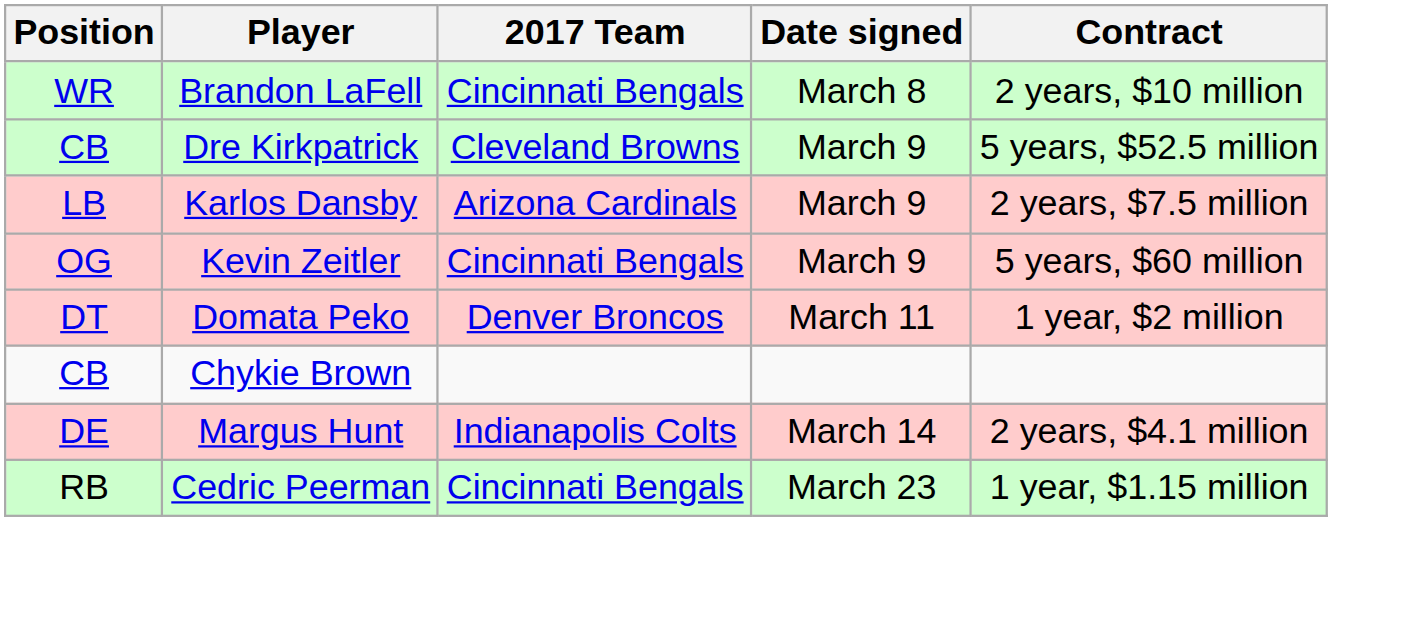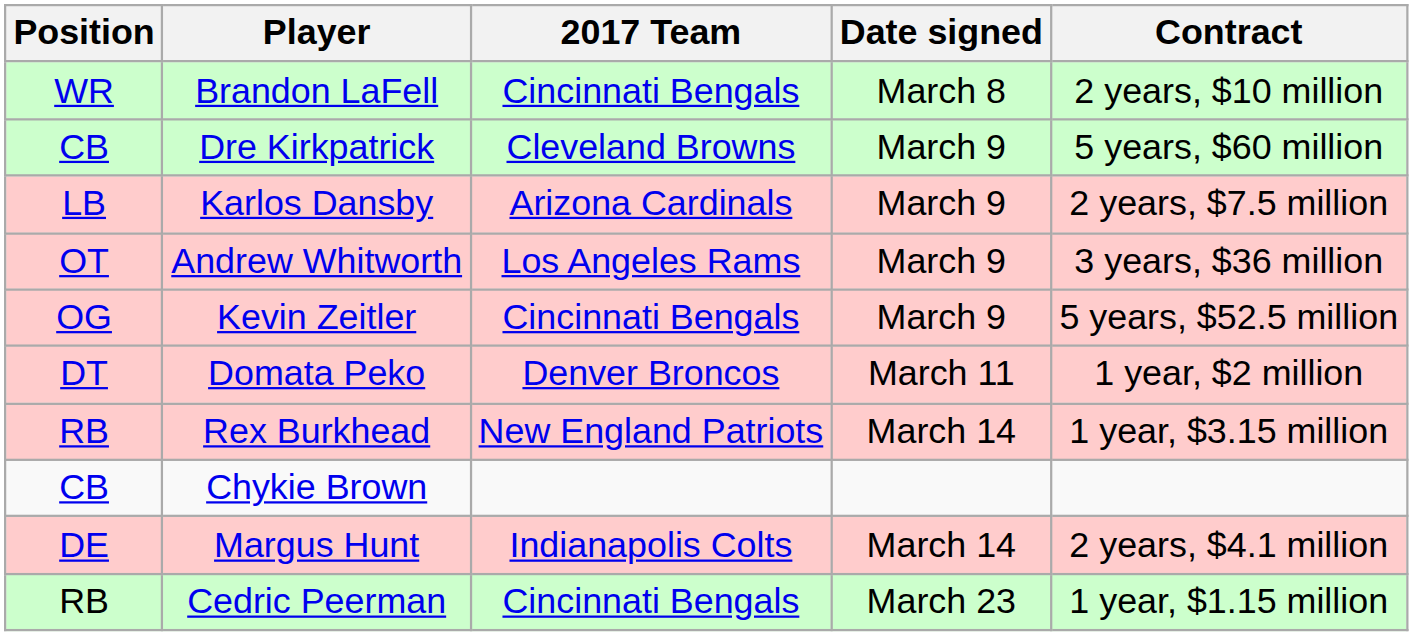 <table class="wikitable" style="text-align:center">
 <tr>
 <th>Position</th>
 <th>Player</th>
 <th>2017 Team</th>
 <th>Date signed</th>
 <th>Contract</th>
 </tr>
 <tr style="background:#cfc;">
 <td><a href='#'>WR</a></td>
 <td><a href='#'>Brandon LaFell</a></td>
 <td><a href='#'>Cincinnati Bengals</a></td>
 <td>March 8</td>
 <td>2 years, $10 million</td>
 </tr>
 <tr style="background:#cfc;">
 <td><a href='#'>CB</a></td>
 <td><a href='#'>Dre Kirkpatrick</a></td>
 <td><a href='#'>Cleveland Browns</a></td>
 <td>March 9</td>
-<td>5 years, $52.5 million</td>
+<td>5 years, $60 million</td>
 </tr>
 <tr style="background:#fcc;">
 <td><a href='#'>LB</a></td>
 <td><a href='#'>Karlos Dansby</a></td>
 <td><a href='#'>Arizona Cardinals</a></td>
 <td>March 9</td>
 <td>2 years, $7.5 million</td>
 </tr>
 <tr style="background:#fcc;">
+<td><a href='#'>OT</a></td>
+<td><a href='#'>Andrew Whitworth</a></td>
+<td><a href='#'>Los Angeles Rams</a></td>
+<td>March 9</td>
+<td>3 years, $36 million</td>
+</tr>
+<tr style="background:#fcc;">
 <td><a href='#'>OG</a></td>
 <td><a href='#'>Kevin Zeitler</a></td>
 <td><a href='#'>Cincinnati Bengals</a></td>
 <td>March 9</td>
-<td>5 years, $60 million</td>
+<td>5 years, $52.5 million</td>
 </tr>
 <tr style="background:#fcc;">
 <td><a href='#'>DT</a></td>
 <td><a href='#'>Domata Peko</a></td>
 <td><a href='#'>Denver Broncos</a></td>
 <td>March 11</td>
 <td>1 year, $2 million</td>
+</tr>
+<tr style="background:#fcc;">
+<td><a href='#'>RB</a></td>
+<td><a href='#'>Rex Burkhead</a></td>
+<td><a href='#'>New England Patriots</a></td>
+<td>March 14</td>
+<td>1 year, $3.15 million</td>
 </tr>
 <tr>
 <td><a href='#'>CB</a></td>
 <td><a href='#'>Chykie Brown</a></td>
 <td></td>
 <td></td>
 <td></td>
 </tr>
 <tr style="background:#fcc;">
 <td><a href='#'>DE</a></td>
 <td><a href='#'>Margus Hunt</a></td>
 <td><a href='#'>Indianapolis Colts</a></td>
 <td>March 14</td>
 <td>2 years, $4.1 million</td>
 </tr>
 <tr style="background:#cfc;">
 <td>RB</td>
 <td><a href='#'>Cedric Peerman</a></td>
 <td><a href='#'>Cincinnati Bengals</a></td>
 <td>March 23</td>
 <td>1 year, $1.15 million</td>
 </tr>
 </table>
